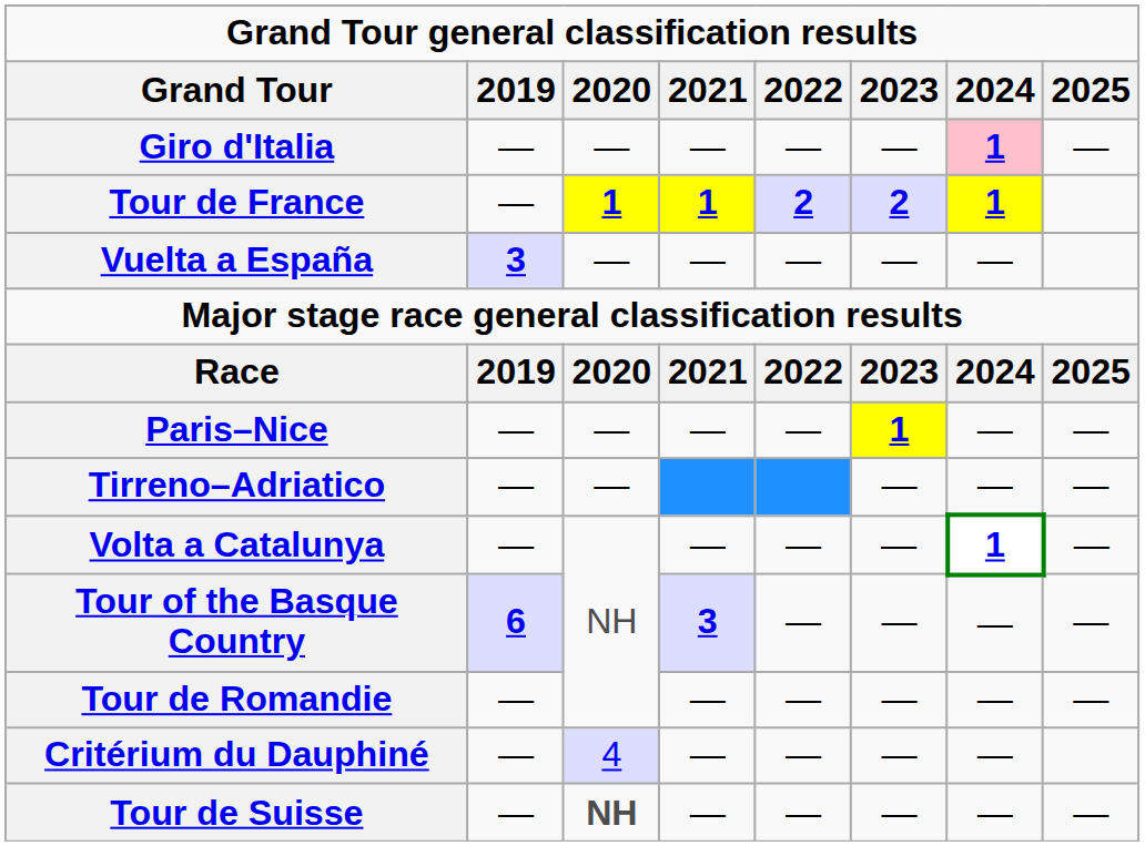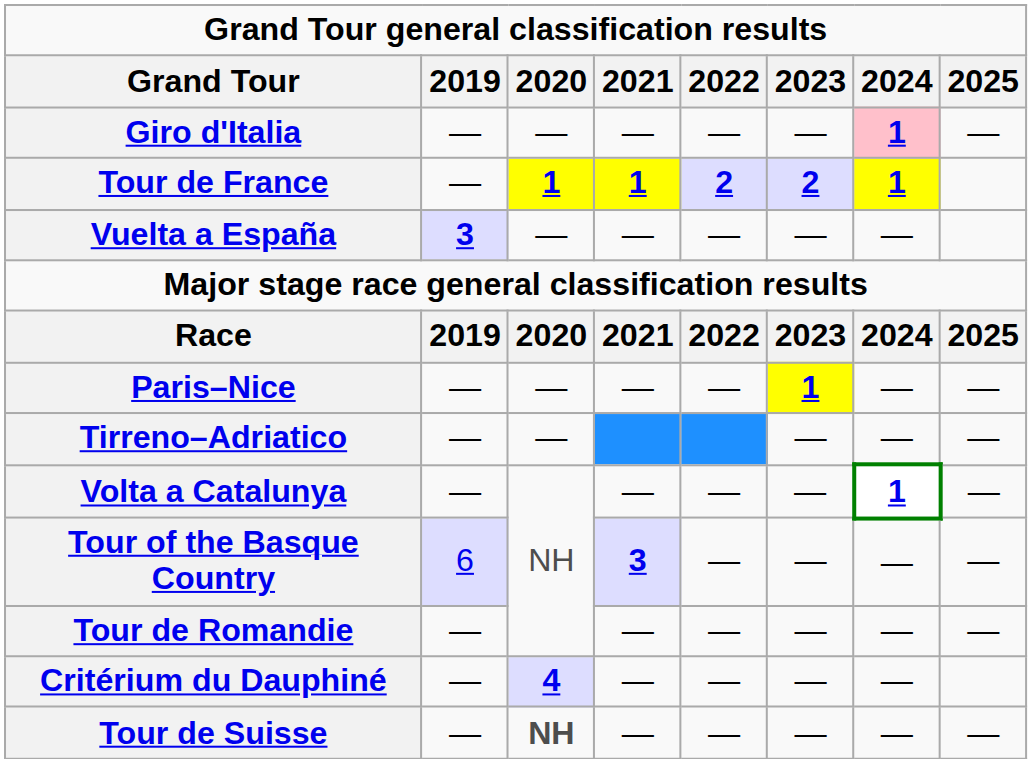 <table class="wikitable plainrowheaders">
 <tr>
 <td colspan=9 align="center"><strong>Grand Tour general classification results</strong></td>
 </tr>
 <tr>
 <th scope="col"  width=200>Grand Tour</th>
 <th scope="col">2019</th>
 <th scope="col">2020</th>
 <th scope="col">2021</th>
 <th scope="col">2022</th>
 <th scope="col">2023</th>
 <th scope="col">2024</th>
 <th scope="col">2025</th>
 </tr>
 <tr style="text-align:center;">
 <th scope="row"> <a href='#'>Giro d'Italia</a></th>
 <td>—</td>
 <td>—</td>
 <td>—</td>
 <td>—</td>
 <td>—</td>
 <td style="background:pink;"><a href='#'><strong>1</strong></a></td>
 <td>—</td>
 </tr>
 <tr style="text-align:center;">
 <th scope="row"> <a href='#'>Tour de France</a></th>
 <td>—</td>
 <td style="background:yellow;"><a href='#'><strong>1</strong></a></td>
 <td style="background:yellow;"><a href='#'><strong>1</strong></a></td>
 <td style="background:#ddf;"><a href='#'><strong>2</strong></a></td>
 <td style="background:#ddf;"><a href='#'><strong>2</strong></a></td>
 <td style="background:yellow;"><a href='#'><strong>1</strong></a></td>
 <td></td>
 </tr>
 <tr style="text-align:center;">
 <th scope="row"> <a href='#'>Vuelta a España</a></th>
 <td style="background:#ddf;"><a href='#'><strong>3</strong></a></td>
 <td>—</td>
 <td>—</td>
 <td>—</td>
 <td>—</td>
 <td>—</td>
 <td></td>
 </tr>
 <tr>
 <td colspan=9 align="center"><strong>Major stage race general classification results</strong></td>
 </tr>
 <tr>
 <th scope="col">Race</th>
 <th scope="col">2019</th>
 <th scope="col">2020</th>
 <th scope="col">2021</th>
 <th scope="col">2022</th>
 <th scope="col">2023</th>
 <th scope="col">2024</th>
 <th scope="col">2025</th>
 </tr>
 <tr style="text-align:center;">
 <th scope="row"> <a href='#'>Paris–Nice</a></th>
 <td>—</td>
 <td>—</td>
 <td>—</td>
 <td>—</td>
 <td style="background:yellow;"><a href='#'><strong>1</strong></a></td>
 <td>—</td>
 <td>—</td>
 </tr>
 <tr style="text-align:center;">
 <th scope="row"> <a href='#'>Tirreno–Adriatico</a></th>
 <td>—</td>
 <td>—</td>
 <td style="background:dodgerblue;"></td>
 <td style="background:dodgerblue;"></td>
 <td>—</td>
 <td>—</td>
 <td>—</td>
 </tr>
 <tr style="text-align:center;">
 <th scope="row"> <a href='#'>Volta a Catalunya</a></th>
 <td>—</td>
 <td style="color:#4d4d4d;" rowspan=3>NH</td>
 <td>—</td>
 <td>—</td>
 <td>—</td>
 <td style="background:white; border:2px solid green;"><a href='#'><strong>1</strong></a></td>
 <td>—</td>
 </tr>
 <tr style="text-align:center;">
 <th scope="row"> <a href='#'>Tour of the Basque Country</a></th>
-<td style="background:#ddf;"><strong><a href='#'>6</a></strong></td>
+<td style="background:#ddf;"><a href='#'>6</a></td>
 <td style="background:#ddf;"><a href='#'><strong>3</strong></a></td>
 <td>—</td>
 <td>—</td>
 <td>—</td>
 <td>—</td>
 </tr>
 <tr style="text-align:center;">
 <th scope="row"> <a href='#'>Tour de Romandie</a></th>
 <td>—</td>
 <td>—</td>
 <td>—</td>
 <td>—</td>
 <td>—</td>
 <td>—</td>
 </tr>
 <tr style="text-align:center;">
 <th scope="row"> <a href='#'>Critérium du Dauphiné</a></th>
 <td>—</td>
-<td style="background:#ddf;"><a href='#'>4</a></td>
+<td style="background:#ddf;"><strong><a href='#'>4</a></strong></td>
 <td>—</td>
 <td>—</td>
 <td>—</td>
 <td>—</td>
 <td></td>
 </tr>
 <tr style="text-align:center;">
 <th scope="row"> <a href='#'>Tour de Suisse</a></th>
 <td>—</td>
 <td style="color:#4d4d4d;"><strong>NH</strong></td>
 <td>—</td>
 <td>—</td>
 <td>—</td>
 <td>—</td>
 <td>—</td>
 </tr>
 </table>
